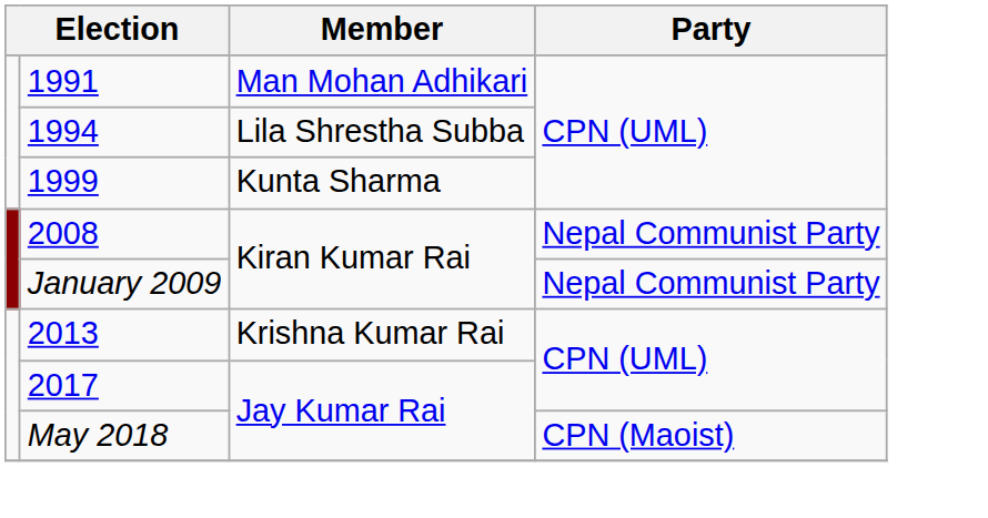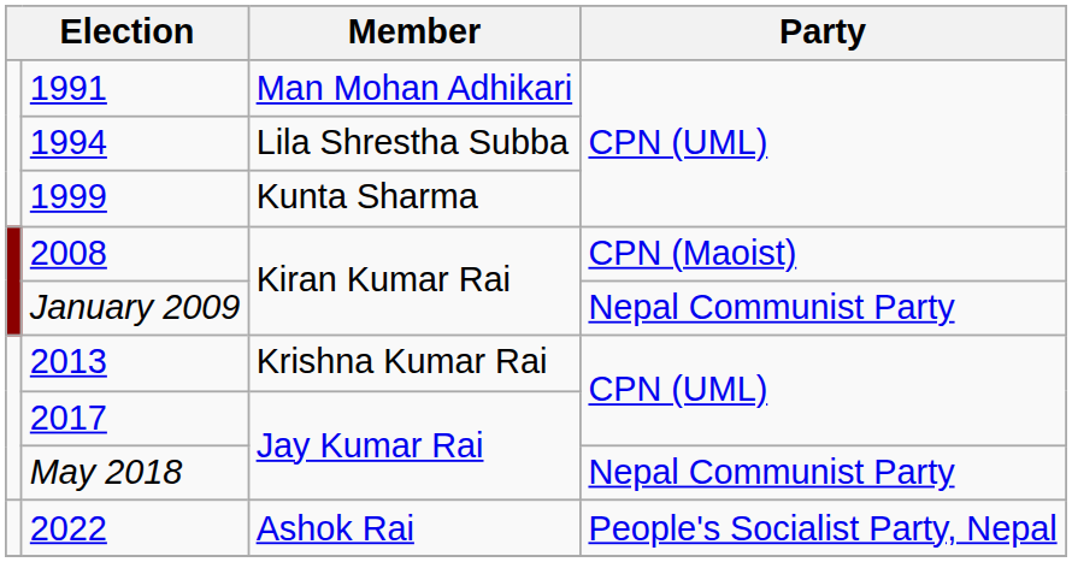 <table class="wikitable">
 <tr>
 <th colspan="2">Election</th>
 <th>Member</th>
 <th>Party</th>
 </tr>
 <tr>
 <td rowspan="3" style="background-color:"></td>
 <td><a href='#'>1991</a></td>
 <td><a href='#'>Man Mohan Adhikari</a></td>
 <td rowspan="3"><a href='#'>CPN (UML)</a></td>
 </tr>
 <tr>
 <td><a href='#'>1994</a></td>
 <td>Lila Shrestha Subba</td>
 </tr>
 <tr>
 <td><a href='#'>1999</a></td>
 <td>Kunta Sharma</td>
 </tr>
 <tr>
 <td rowspan="2" style="background-color:darkred"></td>
 <td><a href='#'>2008</a></td>
 <td rowspan="2">Kiran Kumar Rai</td>
-<td><a href='#'>Nepal Communist Party</a></td>
+<td><a href='#'>CPN (Maoist)</a></td>
 </tr>
 <tr>
 <td><em>January 2009</em></td>
 <td><a href='#'>Nepal Communist Party</a></td>
 </tr>
 <tr>
 <td rowspan="3" style="background-color:"></td>
 <td><a href='#'>2013</a></td>
 <td>Krishna Kumar Rai</td>
 <td rowspan="2"><a href='#'>CPN (UML)</a></td>
 </tr>
 <tr>
 <td><a href='#'>2017</a></td>
 <td rowspan="2"><a href='#'>Jay Kumar Rai</a></td>
 </tr>
 <tr>
 <td><em>May 2018</em></td>
-<td><a href='#'>CPN (Maoist)</a></td>
+<td><a href='#'>Nepal Communist Party</a></td>
+</tr>
+<tr>
+<td></td>
+<td><a href='#'>2022</a></td>
+<td><a href='#'>Ashok Rai</a></td>
+<td><a href='#'>People's Socialist Party, Nepal</a></td>
 </tr>
 <tr>
 </tr>
 </table>
